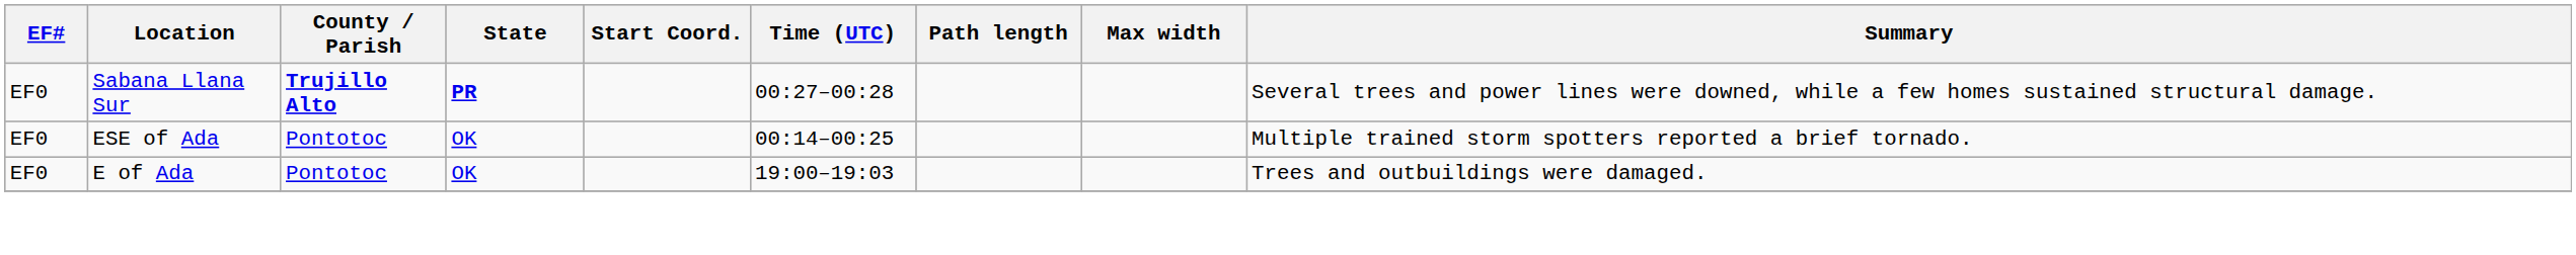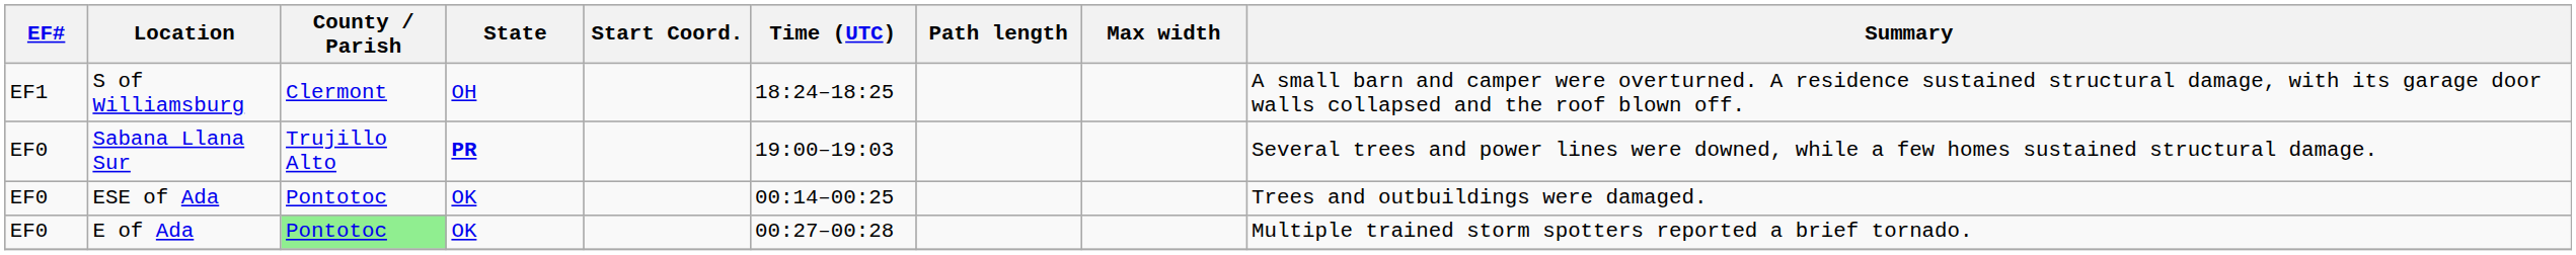 <table class="wikitable sortable" style="width:100%;">
 <tr>
 <th scope="col" style="width:3%; text-align:center;"><a href='#'>EF#</a></th>
 <th scope="col" style="width:7%; text-align:center;" class="unsortable">Location</th>
 <th scope="col" style="width:6%; text-align:center;" class="unsortable">County / Parish</th>
 <th scope="col" style="width:5%; text-align:center;">State</th>
 <th scope="col" style="width:6%; text-align:center;">Start Coord.</th>
 <th scope="col" style="width:6%; text-align:center;">Time (<a href='#'>UTC</a>)</th>
 <th scope="col" style="width:6%; text-align:center;">Path length</th>
 <th scope="col" style="width:6%; text-align:center;">Max width</th>
 <th scope="col" class="unsortable" style="width:48%; text-align:center;">Summary</th>
 </tr>
 <tr>
+<td>EF1</td>
+<td>S of <a href='#'>Williamsburg</a></td>
+<td><a href='#'>Clermont</a></td>
+<td><a href='#'>OH</a></td>
+<td></td>
+<td>18:24–18:25</td>
+<td></td>
+<td></td>
+<td>A small barn and camper were overturned. A residence sustained structural damage, with its garage door walls collapsed and the roof blown off.</td>
+</tr>
+<tr>
 <td>EF0</td>
 <td><a href='#'>Sabana Llana Sur</a></td>
-<td><strong><a href='#'>Trujillo Alto</a></strong></td>
+<td><a href='#'>Trujillo Alto</a></td>
 <td><strong><a href='#'>PR</a></strong></td>
 <td></td>
-<td>00:27–00:28</td>
+<td>19:00–19:03</td>
 <td></td>
 <td></td>
 <td>Several trees and power lines were downed, while a few homes sustained structural damage.</td>
 </tr>
 <tr>
 <td>EF0</td>
 <td>ESE of <a href='#'>Ada</a></td>
 <td><a href='#'>Pontotoc</a></td>
 <td><a href='#'>OK</a></td>
 <td></td>
 <td>00:14–00:25</td>
 <td></td>
 <td></td>
-<td>Multiple trained storm spotters reported a brief tornado.</td>
+<td>Trees and outbuildings were damaged.</td>
 </tr>
 <tr>
 <td>EF0</td>
 <td>E of <a href='#'>Ada</a></td>
-<td><a href='#'>Pontotoc</a></td>
+<td style="background: lightgreen;"><a href='#'>Pontotoc</a></td>
 <td><a href='#'>OK</a></td>
 <td></td>
-<td>19:00–19:03</td>
+<td>00:27–00:28</td>
 <td></td>
 <td></td>
-<td>Trees and outbuildings were damaged.</td>
+<td>Multiple trained storm spotters reported a brief tornado.</td>
 </tr>
 <tr>
 </tr>
 </table>
